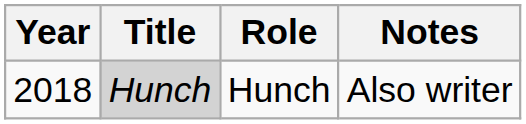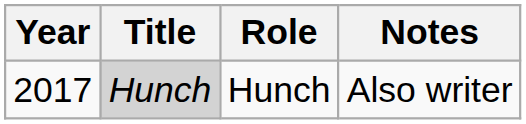 <table class="wikitable sortable">
 <tr>
 <th>Year</th>
 <th>Title</th>
 <th>Role</th>
 <th class="unsortable">Notes</th>
 </tr>
 <tr>
-<td>2018</td>
+<td>2017</td>
 <td style="background: lightgrey;"><em>Hunch</em></td>
 <td>Hunch</td>
 <td>Also writer</td>
 </tr>
 </table>
